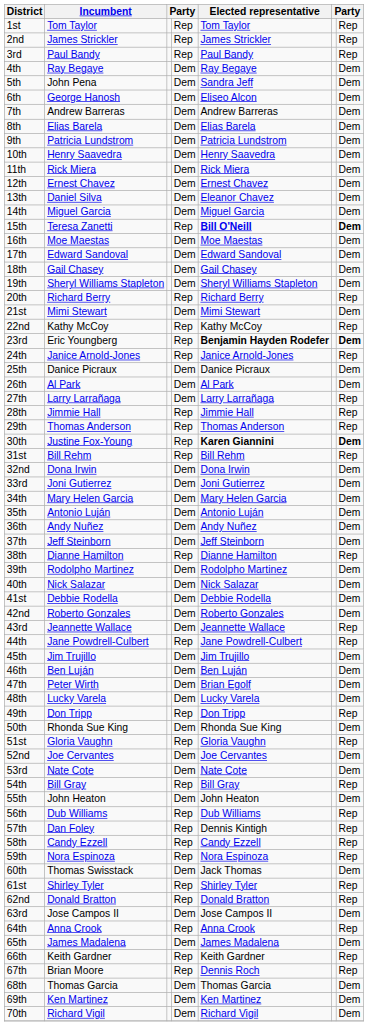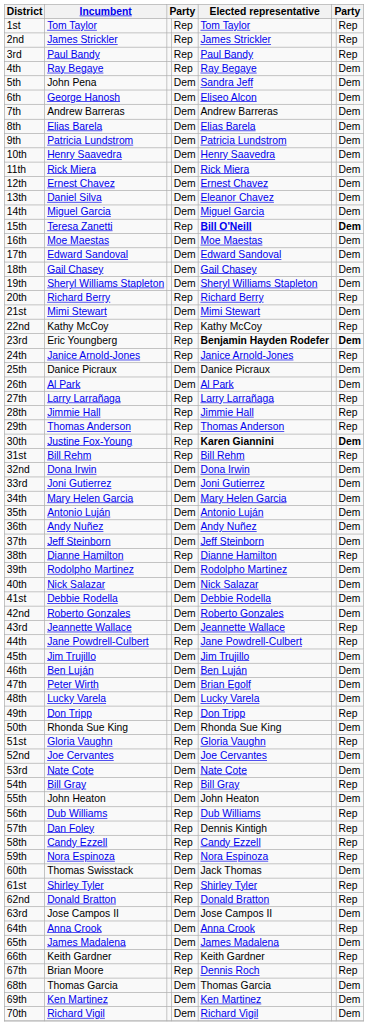 <table class=wikitable style="font-size:95%;line-height:14px;">
 <tr>
 <th>District</th>
 <th><a href='#'>Incumbent</a></th>
 <th colspan=2>Party</th>
 <th>Elected representative</th>
 <th colspan=2>Party</th>
 </tr>
 <tr>
 <td>1st</td>
 <td><a href='#'>Tom Taylor</a></td>
 <td style="background:"></td>
 <td>Rep</td>
 <td><a href='#'>Tom Taylor</a></td>
 <td style="background:"></td>
 <td>Rep</td>
 </tr>
 <tr>
 <td>2nd</td>
 <td><a href='#'>James Strickler</a></td>
 <td style="background:"></td>
 <td>Rep</td>
 <td><a href='#'>James Strickler</a></td>
 <td style="background:"></td>
 <td>Rep</td>
 </tr>
 <tr>
 <td>3rd</td>
 <td><a href='#'>Paul Bandy</a></td>
 <td style="background:"></td>
 <td>Rep</td>
 <td><a href='#'>Paul Bandy</a></td>
 <td style="background:"></td>
 <td>Rep</td>
 </tr>
 <tr>
 <td>4th</td>
 <td><a href='#'>Ray Begaye</a></td>
 <td style="background:"></td>
-<td>Dem</td>
+<td>Rep</td>
 <td><a href='#'>Ray Begaye</a></td>
 <td style="background:"></td>
 <td>Dem</td>
 </tr>
 <tr>
 <td>5th</td>
 <td>John Pena</td>
 <td style="background:"></td>
 <td>Dem</td>
 <td><a href='#'>Sandra Jeff</a></td>
 <td style="background:"></td>
 <td>Dem</td>
 </tr>
 <tr>
 <td>6th</td>
 <td><a href='#'>George Hanosh</a></td>
 <td style="background:"></td>
 <td>Dem</td>
 <td><a href='#'>Eliseo Alcon</a></td>
 <td style="background:"></td>
 <td>Dem</td>
 </tr>
 <tr>
 <td>7th</td>
 <td>Andrew Barreras</td>
 <td style="background:"></td>
 <td>Dem</td>
 <td>Andrew Barreras</td>
 <td style="background:"></td>
 <td>Dem</td>
 </tr>
 <tr>
 <td>8th</td>
 <td><a href='#'>Elias Barela</a></td>
 <td style="background:"></td>
 <td>Dem</td>
 <td><a href='#'>Elias Barela</a></td>
 <td style="background:"></td>
 <td>Dem</td>
 </tr>
 <tr>
 <td>9th</td>
 <td><a href='#'>Patricia Lundstrom</a></td>
 <td style="background:"></td>
 <td>Dem</td>
 <td><a href='#'>Patricia Lundstrom</a></td>
 <td style="background:"></td>
 <td>Dem</td>
 </tr>
 <tr>
 <td>10th</td>
 <td><a href='#'>Henry Saavedra</a></td>
 <td style="background:"></td>
 <td>Dem</td>
 <td><a href='#'>Henry Saavedra</a></td>
 <td style="background:"></td>
 <td>Dem</td>
 </tr>
 <tr>
 <td>11th</td>
 <td><a href='#'>Rick Miera</a></td>
 <td style="background:"></td>
 <td>Dem</td>
 <td><a href='#'>Rick Miera</a></td>
 <td style="background:"></td>
 <td>Dem</td>
 </tr>
 <tr>
 <td>12th</td>
 <td><a href='#'>Ernest Chavez</a></td>
 <td style="background:"></td>
 <td>Dem</td>
 <td><a href='#'>Ernest Chavez</a></td>
 <td style="background:"></td>
 <td>Dem</td>
 </tr>
 <tr>
 <td>13th</td>
 <td><a href='#'>Daniel Silva</a></td>
 <td style="background:"></td>
 <td>Dem</td>
 <td><a href='#'>Eleanor Chavez</a></td>
 <td style="background:"></td>
 <td>Dem</td>
 </tr>
 <tr>
 <td>14th</td>
 <td><a href='#'>Miguel Garcia</a></td>
 <td style="background:"></td>
 <td>Dem</td>
 <td><a href='#'>Miguel Garcia</a></td>
 <td style="background:"></td>
 <td>Dem</td>
 </tr>
 <tr>
 <td>15th</td>
 <td><a href='#'>Teresa Zanetti</a></td>
 <td style="background:"></td>
 <td>Rep</td>
 <td><strong><a href='#'>Bill O'Neill</a></strong></td>
 <td style="background:"></td>
 <td><strong>Dem</strong></td>
 </tr>
 <tr>
 <td>16th</td>
 <td><a href='#'>Moe Maestas</a></td>
 <td style="background:"></td>
 <td>Dem</td>
 <td><a href='#'>Moe Maestas</a></td>
 <td style="background:"></td>
 <td>Dem</td>
 </tr>
 <tr>
 <td>17th</td>
 <td><a href='#'>Edward Sandoval</a></td>
 <td style="background:"></td>
 <td>Dem</td>
 <td><a href='#'>Edward Sandoval</a></td>
 <td style="background:"></td>
 <td>Dem</td>
 </tr>
 <tr>
 <td>18th</td>
 <td><a href='#'>Gail Chasey</a></td>
 <td style="background:"></td>
 <td>Dem</td>
 <td><a href='#'>Gail Chasey</a></td>
 <td style="background:"></td>
 <td>Dem</td>
 </tr>
 <tr>
 <td>19th</td>
 <td><a href='#'>Sheryl Williams Stapleton</a></td>
 <td style="background:"></td>
 <td>Dem</td>
 <td><a href='#'>Sheryl Williams Stapleton</a></td>
 <td style="background:"></td>
 <td>Dem</td>
 </tr>
 <tr>
 <td>20th</td>
 <td><a href='#'>Richard Berry</a></td>
 <td style="background:"></td>
 <td>Rep</td>
 <td><a href='#'>Richard Berry</a></td>
 <td style="background:"></td>
 <td>Rep</td>
 </tr>
 <tr>
 <td>21st</td>
 <td><a href='#'>Mimi Stewart</a></td>
 <td style="background:"></td>
 <td>Dem</td>
 <td><a href='#'>Mimi Stewart</a></td>
 <td style="background:"></td>
 <td>Dem</td>
 </tr>
 <tr>
 <td>22nd</td>
 <td>Kathy McCoy</td>
 <td style="background:"></td>
 <td>Rep</td>
 <td>Kathy McCoy</td>
 <td style="background:"></td>
 <td>Rep</td>
 </tr>
 <tr>
 <td>23rd</td>
 <td>Eric Youngberg</td>
 <td style="background:"></td>
 <td>Rep</td>
 <td><strong>Benjamin Hayden Rodefer</strong></td>
 <td style="background:"></td>
 <td><strong>Dem</strong></td>
 </tr>
 <tr>
 <td>24th</td>
 <td><a href='#'>Janice Arnold-Jones</a></td>
 <td style="background:"></td>
 <td>Rep</td>
 <td><a href='#'>Janice Arnold-Jones</a></td>
 <td style="background:"></td>
 <td>Rep</td>
 </tr>
 <tr>
 <td>25th</td>
 <td>Danice Picraux</td>
 <td style="background:"></td>
 <td>Dem</td>
 <td>Danice Picraux</td>
 <td style="background:"></td>
 <td>Dem</td>
 </tr>
 <tr>
 <td>26th</td>
 <td><a href='#'>Al Park</a></td>
 <td style="background:"></td>
 <td>Dem</td>
 <td><a href='#'>Al Park</a></td>
 <td style="background:"></td>
 <td>Dem</td>
 </tr>
 <tr>
 <td>27th</td>
 <td><a href='#'>Larry Larrañaga</a></td>
 <td style="background:"></td>
-<td>Dem</td>
+<td>Rep</td>
 <td><a href='#'>Larry Larrañaga</a></td>
 <td style="background:"></td>
 <td>Rep</td>
 </tr>
 <tr>
 <td>28th</td>
 <td><a href='#'>Jimmie Hall</a></td>
 <td style="background:"></td>
 <td>Rep</td>
 <td><a href='#'>Jimmie Hall</a></td>
 <td style="background:"></td>
 <td>Rep</td>
 </tr>
 <tr>
 <td>29th</td>
 <td><a href='#'>Thomas Anderson</a></td>
 <td style="background:"></td>
 <td>Rep</td>
 <td><a href='#'>Thomas Anderson</a></td>
 <td style="background:"></td>
 <td>Rep</td>
 </tr>
 <tr>
 <td>30th</td>
 <td><a href='#'>Justine Fox-Young</a></td>
 <td style="background:"></td>
 <td>Rep</td>
 <td><strong>Karen Giannini</strong></td>
 <td style="background:"></td>
 <td><strong>Dem</strong></td>
 </tr>
 <tr>
 <td>31st</td>
 <td><a href='#'>Bill Rehm</a></td>
 <td style="background:"></td>
 <td>Rep</td>
 <td><a href='#'>Bill Rehm</a></td>
 <td style="background:"></td>
 <td>Rep</td>
 </tr>
 <tr>
 <td>32nd</td>
 <td><a href='#'>Dona Irwin</a></td>
 <td style="background:"></td>
 <td>Dem</td>
 <td><a href='#'>Dona Irwin</a></td>
 <td style="background:"></td>
 <td>Dem</td>
 </tr>
 <tr>
 <td>33rd</td>
 <td><a href='#'>Joni Gutierrez</a></td>
 <td style="background:"></td>
 <td>Dem</td>
 <td><a href='#'>Joni Gutierrez</a></td>
 <td style="background:"></td>
 <td>Dem</td>
 </tr>
 <tr>
 <td>34th</td>
 <td><a href='#'>Mary Helen Garcia</a></td>
 <td style="background:"></td>
 <td>Dem</td>
 <td><a href='#'>Mary Helen Garcia</a></td>
 <td style="background:"></td>
 <td>Dem</td>
 </tr>
 <tr>
 <td>35th</td>
 <td><a href='#'>Antonio Luján</a></td>
 <td style="background:"></td>
 <td>Dem</td>
 <td><a href='#'>Antonio Luján</a></td>
 <td style="background:"></td>
 <td>Dem</td>
 </tr>
 <tr>
 <td>36th</td>
 <td><a href='#'>Andy Nuñez</a></td>
 <td style="background:"></td>
 <td>Dem</td>
 <td><a href='#'>Andy Nuñez</a></td>
 <td style="background:"></td>
 <td>Dem</td>
 </tr>
 <tr>
 <td>37th</td>
 <td><a href='#'>Jeff Steinborn</a></td>
 <td style="background:"></td>
 <td>Dem</td>
 <td><a href='#'>Jeff Steinborn</a></td>
 <td style="background:"></td>
 <td>Dem</td>
 </tr>
 <tr>
 <td>38th</td>
 <td><a href='#'>Dianne Hamilton</a></td>
 <td style="background:"></td>
 <td>Rep</td>
 <td><a href='#'>Dianne Hamilton</a></td>
 <td style="background:"></td>
 <td>Rep</td>
 </tr>
 <tr>
 <td>39th</td>
 <td><a href='#'>Rodolpho Martinez</a></td>
 <td style="background:"></td>
 <td>Dem</td>
 <td><a href='#'>Rodolpho Martinez</a></td>
 <td style="background:"></td>
 <td>Dem</td>
 </tr>
 <tr>
 <td>40th</td>
 <td><a href='#'>Nick Salazar</a></td>
 <td style="background:"></td>
 <td>Dem</td>
 <td><a href='#'>Nick Salazar</a></td>
 <td style="background:"></td>
 <td>Dem</td>
 </tr>
 <tr>
 <td>41st</td>
 <td><a href='#'>Debbie Rodella</a></td>
 <td style="background:"></td>
 <td>Dem</td>
 <td><a href='#'>Debbie Rodella</a></td>
 <td style="background:"></td>
 <td>Dem</td>
 </tr>
 <tr>
 <td>42nd</td>
 <td><a href='#'>Roberto Gonzales</a></td>
 <td style="background:"></td>
 <td>Dem</td>
 <td><a href='#'>Roberto Gonzales</a></td>
 <td style="background:"></td>
 <td>Dem</td>
 </tr>
 <tr>
 <td>43rd</td>
 <td><a href='#'>Jeannette Wallace</a></td>
 <td style="background:"></td>
 <td>Dem</td>
 <td><a href='#'>Jeannette Wallace</a></td>
 <td style="background:"></td>
 <td>Rep</td>
 </tr>
 <tr>
 <td>44th</td>
 <td><a href='#'>Jane Powdrell-Culbert</a></td>
 <td style="background:"></td>
 <td>Rep</td>
 <td><a href='#'>Jane Powdrell-Culbert</a></td>
 <td style="background:"></td>
 <td>Rep</td>
 </tr>
 <tr>
 <td>45th</td>
 <td><a href='#'>Jim Trujillo</a></td>
 <td style="background:"></td>
 <td>Dem</td>
 <td><a href='#'>Jim Trujillo</a></td>
 <td style="background:"></td>
 <td>Dem</td>
 </tr>
 <tr>
 <td>46th</td>
 <td><a href='#'>Ben Luján</a></td>
 <td style="background:"></td>
 <td>Dem</td>
 <td><a href='#'>Ben Luján</a></td>
 <td style="background:"></td>
 <td>Dem</td>
 </tr>
 <tr>
 <td>47th</td>
 <td><a href='#'>Peter Wirth</a></td>
 <td style="background:"></td>
 <td>Dem</td>
 <td><a href='#'>Brian Egolf</a></td>
 <td style="background:"></td>
 <td>Dem</td>
 </tr>
 <tr>
 <td>48th</td>
 <td><a href='#'>Lucky Varela</a></td>
 <td style="background:"></td>
 <td>Dem</td>
 <td><a href='#'>Lucky Varela</a></td>
 <td style="background:"></td>
 <td>Dem</td>
 </tr>
 <tr>
 <td>49th</td>
 <td><a href='#'>Don Tripp</a></td>
 <td style="background:"></td>
 <td>Rep</td>
 <td><a href='#'>Don Tripp</a></td>
 <td style="background:"></td>
 <td>Rep</td>
 </tr>
 <tr>
 <td>50th</td>
 <td>Rhonda Sue King</td>
 <td style="background:"></td>
 <td>Dem</td>
 <td>Rhonda Sue King</td>
 <td style="background:"></td>
 <td>Dem</td>
 </tr>
 <tr>
 <td>51st</td>
 <td><a href='#'>Gloria Vaughn</a></td>
 <td style="background:"></td>
 <td>Rep</td>
 <td><a href='#'>Gloria Vaughn</a></td>
 <td style="background:"></td>
 <td>Rep</td>
 </tr>
 <tr>
 <td>52nd</td>
 <td><a href='#'>Joe Cervantes</a></td>
 <td style="background:"></td>
 <td>Dem</td>
 <td><a href='#'>Joe Cervantes</a></td>
 <td style="background:"></td>
 <td>Dem</td>
 </tr>
 <tr>
 <td>53rd</td>
 <td><a href='#'>Nate Cote</a></td>
 <td style="background:"></td>
 <td>Dem</td>
 <td><a href='#'>Nate Cote</a></td>
 <td style="background:"></td>
 <td>Dem</td>
 </tr>
 <tr>
 <td>54th</td>
 <td><a href='#'>Bill Gray</a></td>
 <td style="background:"></td>
 <td>Rep</td>
 <td><a href='#'>Bill Gray</a></td>
 <td style="background:"></td>
 <td>Rep</td>
 </tr>
 <tr>
 <td>55th</td>
 <td>John Heaton</td>
 <td style="background:"></td>
 <td>Dem</td>
 <td>John Heaton</td>
 <td style="background:"></td>
 <td>Dem</td>
 </tr>
 <tr>
 <td>56th</td>
 <td><a href='#'>Dub Williams</a></td>
 <td style="background:"></td>
 <td>Rep</td>
 <td><a href='#'>Dub Williams</a></td>
 <td style="background:"></td>
 <td>Rep</td>
 </tr>
 <tr>
 <td>57th</td>
 <td><a href='#'>Dan Foley</a></td>
 <td style="background:"></td>
 <td>Rep</td>
 <td>Dennis Kintigh</td>
 <td style="background:"></td>
 <td>Rep</td>
 </tr>
 <tr>
 <td>58th</td>
 <td><a href='#'>Candy Ezzell</a></td>
 <td style="background:"></td>
 <td>Rep</td>
 <td><a href='#'>Candy Ezzell</a></td>
 <td style="background:"></td>
 <td>Rep</td>
 </tr>
 <tr>
 <td>59th</td>
 <td><a href='#'>Nora Espinoza</a></td>
 <td style="background:"></td>
 <td>Rep</td>
 <td><a href='#'>Nora Espinoza</a></td>
 <td style="background:"></td>
 <td>Rep</td>
 </tr>
 <tr>
 <td>60th</td>
 <td>Thomas Swisstack</td>
 <td style="background:"></td>
 <td>Dem</td>
 <td>Jack Thomas</td>
 <td style="background:"></td>
 <td>Dem</td>
 </tr>
 <tr>
 <td>61st</td>
 <td><a href='#'>Shirley Tyler</a></td>
 <td style="background:"></td>
 <td>Rep</td>
 <td><a href='#'>Shirley Tyler</a></td>
 <td style="background:"></td>
 <td>Rep</td>
 </tr>
 <tr>
 <td>62nd</td>
 <td><a href='#'>Donald Bratton</a></td>
 <td style="background:"></td>
 <td>Rep</td>
 <td><a href='#'>Donald Bratton</a></td>
 <td style="background:"></td>
 <td>Rep</td>
 </tr>
 <tr>
 <td>63rd</td>
 <td>Jose Campos II</td>
 <td style="background:"></td>
 <td>Dem</td>
 <td>Jose Campos II</td>
 <td style="background:"></td>
 <td>Dem</td>
 </tr>
 <tr>
 <td>64th</td>
 <td><a href='#'>Anna Crook</a></td>
 <td style="background:"></td>
-<td>Rep</td>
+<td>Dem</td>
 <td><a href='#'>Anna Crook</a></td>
 <td style="background:"></td>
 <td>Rep</td>
 </tr>
 <tr>
 <td>65th</td>
 <td><a href='#'>James Madalena</a></td>
 <td style="background:"></td>
 <td>Dem</td>
 <td><a href='#'>James Madalena</a></td>
 <td style="background:"></td>
 <td>Dem</td>
 </tr>
 <tr>
 <td>66th</td>
 <td>Keith Gardner</td>
 <td style="background:"></td>
 <td>Rep</td>
 <td>Keith Gardner</td>
 <td style="background:"></td>
 <td>Rep</td>
 </tr>
 <tr>
 <td>67th</td>
 <td>Brian Moore</td>
 <td style="background:"></td>
 <td>Rep</td>
 <td><a href='#'>Dennis Roch</a></td>
 <td style="background:"></td>
 <td>Rep</td>
 </tr>
 <tr>
 <td>68th</td>
 <td>Thomas Garcia</td>
 <td style="background:"></td>
 <td>Dem</td>
 <td>Thomas Garcia</td>
 <td style="background:"></td>
 <td>Dem</td>
 </tr>
 <tr>
 <td>69th</td>
 <td><a href='#'>Ken Martinez</a></td>
 <td style="background:"></td>
 <td>Dem</td>
 <td><a href='#'>Ken Martinez</a></td>
 <td style="background:"></td>
 <td>Dem</td>
 </tr>
 <tr>
 <td>70th</td>
 <td><a href='#'>Richard Vigil</a></td>
 <td style="background:"></td>
 <td>Dem</td>
 <td><a href='#'>Richard Vigil</a></td>
 <td style="background:"></td>
 <td>Dem</td>
 </tr>
 <tr>
 </tr>
 </table>
